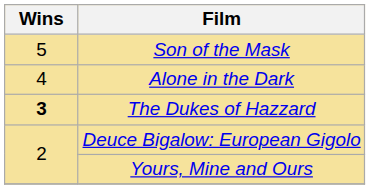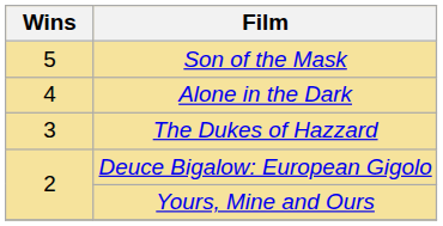 <table class="wikitable sortable" rowspan=2 border="2" cellpadding="4" style="text-align: center; background: #f6e39c">
 <tr>
 <th scope="col" width="55">Wins</th>
 <th scope="col" align="center">Film</th>
 </tr>
 <tr>
 <td>5</td>
 <td><em><a href='#'>Son of the Mask</a></em></td>
 </tr>
 <tr>
 <td>4</td>
 <td><em><a href='#'>Alone in the Dark</a></em></td>
 </tr>
 <tr>
-<td><strong>3</strong></td>
+<td>3</td>
 <td><em><a href='#'>The Dukes of Hazzard</a></em></td>
 </tr>
 <tr>
 <td rowspan="2" style="text-align:center">2</td>
 <td><em><a href='#'>Deuce Bigalow: European Gigolo</a></em></td>
 </tr>
 <tr>
 <td><em><a href='#'>Yours, Mine and Ours</a></em></td>
 </tr>
 <tr>
 </tr>
 </table>
